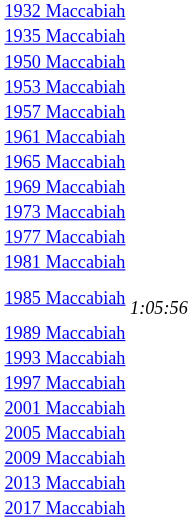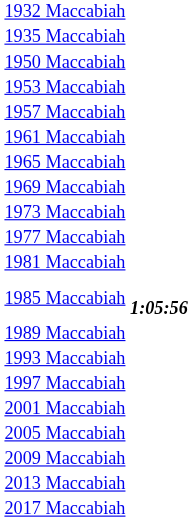 <table>
 <tr valign="top">
 <td><a href='#'>1932 Maccabiah</a></td>
 <td></td>
 <td></td>
 <td></td>
 </tr>
 <tr>
 <td><a href='#'>1935 Maccabiah</a></td>
 <td></td>
 <td></td>
 <td></td>
 </tr>
 <tr>
 <td><a href='#'>1950 Maccabiah</a></td>
 <td></td>
 <td></td>
 <td></td>
 </tr>
 <tr>
 <td><a href='#'>1953 Maccabiah</a></td>
 <td></td>
 <td></td>
 <td></td>
 </tr>
 <tr>
 <td><a href='#'>1957 Maccabiah</a></td>
 <td></td>
 <td></td>
 <td></td>
 </tr>
 <tr>
 <td><a href='#'>1961 Maccabiah</a></td>
 <td></td>
 <td></td>
 <td></td>
 </tr>
 <tr>
 <td><a href='#'>1965 Maccabiah</a></td>
 <td></td>
 <td></td>
 <td></td>
 </tr>
 <tr>
 <td><a href='#'>1969 Maccabiah</a></td>
 <td></td>
 <td></td>
 <td></td>
 </tr>
 <tr>
 <td><a href='#'>1973 Maccabiah</a></td>
 <td></td>
 <td></td>
 <td></td>
 </tr>
 <tr>
 <td><a href='#'>1977 Maccabiah</a></td>
 <td></td>
 <td></td>
 <td></td>
 </tr>
 <tr>
 <td><a href='#'>1981 Maccabiah</a></td>
 <td></td>
 <td></td>
 <td></td>
 </tr>
 <tr>
 <td><a href='#'>1985 Maccabiah</a></td>
-<td><br><em>1:05:56 </em></td>
+<td><strong><br><em>1:05:56 </em></strong></td>
 <td></td>
 <td></td>
 </tr>
 <tr>
 <td><a href='#'>1989 Maccabiah</a></td>
 <td></td>
 <td></td>
 <td></td>
 </tr>
 <tr>
 <td><a href='#'>1993 Maccabiah</a></td>
 <td></td>
 <td></td>
 <td></td>
 </tr>
 <tr>
 <td><a href='#'>1997 Maccabiah</a></td>
 <td></td>
 <td></td>
 <td></td>
 </tr>
 <tr>
 <td><a href='#'>2001 Maccabiah</a></td>
 <td></td>
 <td></td>
 <td></td>
 </tr>
 <tr>
 <td><a href='#'>2005 Maccabiah</a></td>
 <td></td>
 <td></td>
 <td></td>
 </tr>
 <tr>
 <td><a href='#'>2009 Maccabiah</a></td>
 <td></td>
 <td></td>
 <td></td>
 </tr>
 <tr>
 <td><a href='#'>2013 Maccabiah</a></td>
 <td></td>
 <td></td>
 <td></td>
 </tr>
 <tr>
 <td><a href='#'>2017 Maccabiah</a></td>
 <td></td>
 <td></td>
 <td></td>
 </tr>
 </table>
